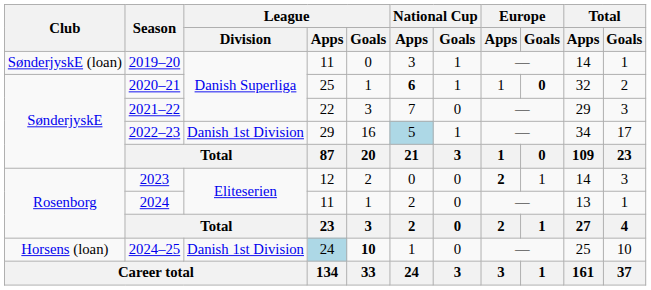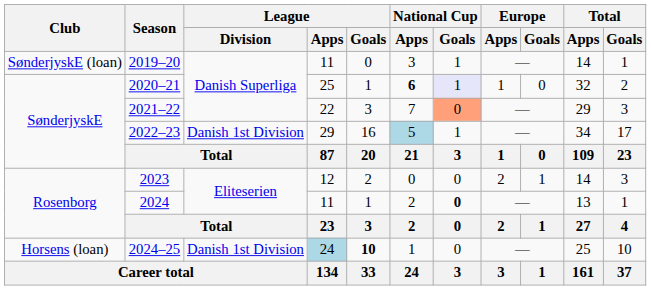 <table class="wikitable" style="text-align: center;">
 <tr>
 <th rowspan="2">Club</th>
 <th rowspan="2">Season</th>
 <th colspan="3">League</th>
 <th colspan="2">National Cup</th>
 <th colspan="2">Europe</th>
 <th colspan="2">Total</th>
 </tr>
 <tr>
 <th>Division</th>
 <th>Apps</th>
 <th>Goals</th>
 <th>Apps</th>
 <th>Goals</th>
 <th>Apps</th>
 <th>Goals</th>
 <th>Apps</th>
 <th>Goals</th>
 </tr>
 <tr>
 <td rowspan="1"><a href='#'>SønderjyskE</a> (loan)</td>
 <td><a href='#'>2019–20</a></td>
 <td rowspan="3"><a href='#'>Danish Superliga</a></td>
 <td>11</td>
 <td>0</td>
 <td>3</td>
 <td>1</td>
 <td colspan="2">—</td>
 <td>14</td>
 <td>1</td>
 </tr>
 <tr>
 <td rowspan="4"><a href='#'>SønderjyskE</a></td>
 <td><a href='#'>2020–21</a></td>
 <td>25</td>
 <td>1</td>
 <td><strong>6</strong></td>
+<td style="background: lavender;">1</td>
 <td>1</td>
-<td>1</td>
-<td><strong>0</strong></td>
+<td>0</td>
 <td>32</td>
 <td>2</td>
 </tr>
 <tr>
 <td><a href='#'>2021–22</a></td>
 <td>22</td>
 <td>3</td>
 <td>7</td>
-<td>0</td>
+<td style="background: lightsalmon;">0</td>
 <td colspan="2">—</td>
 <td>29</td>
 <td>3</td>
 </tr>
 <tr>
 <td><a href='#'>2022–23</a></td>
 <td rowspan="1"><a href='#'>Danish 1st Division</a></td>
 <td>29</td>
 <td>16</td>
 <td style="background: lightblue;">5</td>
 <td>1</td>
 <td colspan="2">—</td>
 <td>34</td>
 <td>17</td>
 </tr>
 <tr>
 <th colspan="2">Total</th>
 <th>87</th>
 <th>20</th>
 <th>21</th>
 <th>3</th>
 <th>1</th>
 <th>0</th>
 <th>109</th>
 <th>23</th>
 </tr>
 <tr>
 <td rowspan="3"><a href='#'>Rosenborg</a></td>
 <td><a href='#'>2023</a></td>
 <td rowspan="2"><a href='#'>Eliteserien</a></td>
 <td>12</td>
 <td>2</td>
 <td>0</td>
 <td>0</td>
-<td><strong>2</strong></td>
+<td>2</td>
 <td>1</td>
 <td>14</td>
 <td>3</td>
 </tr>
 <tr>
 <td><a href='#'>2024</a></td>
 <td>11</td>
 <td>1</td>
 <td>2</td>
-<td>0</td>
+<td><strong>0</strong></td>
 <td colspan="2">—</td>
 <td>13</td>
 <td>1</td>
 </tr>
 <tr>
 <th colspan="2">Total</th>
 <th>23</th>
 <th>3</th>
 <th>2</th>
 <th>0</th>
 <th>2</th>
 <th>1</th>
 <th>27</th>
 <th>4</th>
 </tr>
 <tr>
 <td rowspan="1"><a href='#'>Horsens</a> (loan)</td>
 <td><a href='#'>2024–25</a></td>
 <td rowspan="1"><a href='#'>Danish 1st Division</a></td>
 <td style="background: lightblue;">24</td>
 <td><strong>10</strong></td>
 <td>1</td>
 <td>0</td>
 <td colspan="2">—</td>
 <td>25</td>
 <td>10</td>
 </tr>
 <tr>
 <th colspan="3">Career total</th>
 <th>134</th>
 <th>33</th>
 <th>24</th>
 <th>3</th>
 <th>3</th>
 <th>1</th>
 <th>161</th>
 <th>37</th>
 </tr>
 </table>
